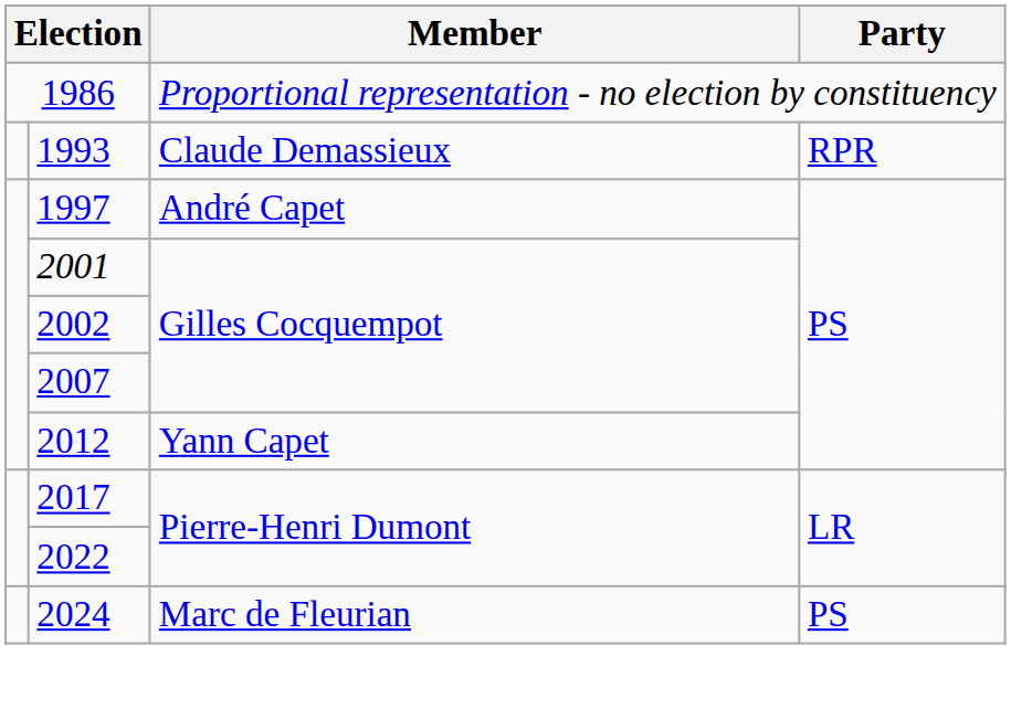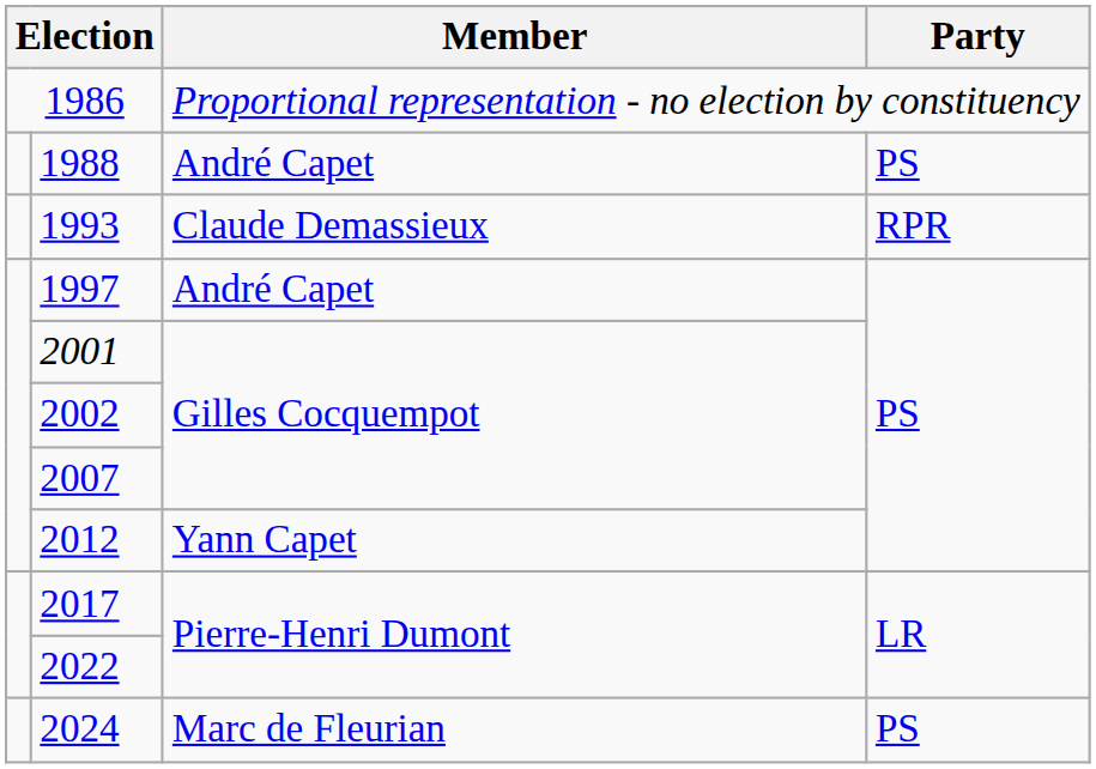 <table class="wikitable">
 <tr>
 <th colspan="2">Election</th>
 <th>Member</th>
 <th>Party</th>
 </tr>
 <tr>
 <td colspan="2" align="center"><a href='#'>1986</a></td>
 <td colspan="2"><em><a href='#'>Proportional representation</a> - no election by constituency</em></td>
+</tr>
+<tr>
+<td style="color:inherit;background-color: "></td>
+<td><a href='#'>1988</a></td>
+<td><a href='#'>André Capet</a></td>
+<td><a href='#'>PS</a></td>
 </tr>
 <tr>
 <td style="color:inherit;background-color: "></td>
 <td><a href='#'>1993</a></td>
 <td><a href='#'>Claude Demassieux</a></td>
 <td><a href='#'>RPR</a></td>
 </tr>
 <tr>
 <td rowspan="5" style="background-color: "></td>
 <td><a href='#'>1997</a></td>
 <td><a href='#'>André Capet</a></td>
 <td rowspan="5"><a href='#'>PS</a></td>
 </tr>
 <tr>
 <td><em>2001</em></td>
 <td rowspan="3"><a href='#'>Gilles Cocquempot</a></td>
 </tr>
 <tr>
 <td><a href='#'>2002</a></td>
 </tr>
 <tr>
 <td><a href='#'>2007</a></td>
 </tr>
 <tr>
 <td><a href='#'>2012</a></td>
 <td><a href='#'>Yann Capet</a></td>
 </tr>
 <tr>
 <td rowspan="2" style="background-color: "></td>
 <td><a href='#'>2017</a></td>
 <td rowspan="2"><a href='#'>Pierre-Henri Dumont</a></td>
 <td rowspan="2"><a href='#'>LR</a></td>
 </tr>
 <tr>
 <td><a href='#'>2022</a></td>
 </tr>
 <tr>
 <td style="color:inherit;background-color: "></td>
 <td><a href='#'>2024</a></td>
 <td><a href='#'>Marc de Fleurian</a></td>
 <td><a href='#'>PS</a></td>
 </tr>
 </table>
